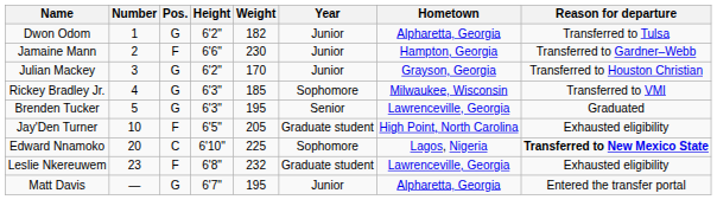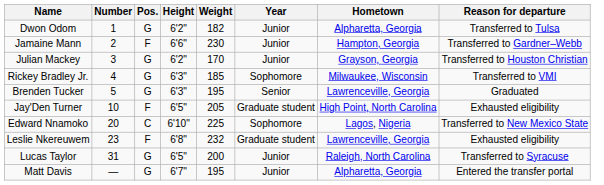 <table class="wikitable sortable" style="text-align:center">
 <tr align=center>
 <th>Name</th>
 <th>Number</th>
 <th>Pos.</th>
 <th>Height</th>
 <th>Weight</th>
 <th>Year</th>
 <th>Hometown</th>
 <th class="unsortable">Reason for departure</th>
 </tr>
 <tr>
 <td>Dwon Odom</td>
 <td>1</td>
 <td>G</td>
 <td>6'2"</td>
 <td>182</td>
 <td>Junior</td>
 <td><a href='#'>Alpharetta, Georgia</a></td>
 <td>Transferred to <a href='#'>Tulsa</a></td>
 </tr>
 <tr>
 <td>Jamaine Mann</td>
 <td>2</td>
 <td>F</td>
 <td>6'6"</td>
 <td>230</td>
 <td>Junior</td>
 <td><a href='#'>Hampton, Georgia</a></td>
 <td>Transferred to <a href='#'>Gardner–Webb</a></td>
 </tr>
 <tr>
 <td>Julian Mackey</td>
 <td>3</td>
 <td>G</td>
 <td>6'2"</td>
 <td>170</td>
 <td>Junior</td>
 <td><a href='#'>Grayson, Georgia</a></td>
 <td>Transferred to <a href='#'>Houston Christian</a></td>
 </tr>
 <tr>
 <td>Rickey Bradley Jr.</td>
 <td>4</td>
 <td>G</td>
 <td>6'3"</td>
 <td>185</td>
 <td>Sophomore</td>
 <td><a href='#'>Milwaukee, Wisconsin</a></td>
 <td>Transferred to <a href='#'>VMI</a></td>
 </tr>
 <tr>
 <td>Brenden Tucker</td>
 <td>5</td>
 <td>G</td>
 <td>6'3"</td>
 <td>195</td>
 <td>Senior</td>
 <td><a href='#'>Lawrenceville, Georgia</a></td>
 <td>Graduated</td>
 </tr>
 <tr>
 <td>Jay'Den Turner</td>
 <td>10</td>
 <td>F</td>
 <td>6'5"</td>
 <td>205</td>
 <td>Graduate student</td>
 <td><a href='#'>High Point, North Carolina</a></td>
 <td>Exhausted eligibility</td>
 </tr>
 <tr>
 <td>Edward Nnamoko</td>
 <td>20</td>
 <td>C</td>
 <td>6'10"</td>
 <td>225</td>
 <td>Sophomore</td>
 <td><a href='#'>Lagos</a>, <a href='#'>Nigeria</a></td>
-<td><strong>Transferred to <a href='#'>New Mexico State</a></strong></td>
+<td>Transferred to <a href='#'>New Mexico State</a></td>
 </tr>
 <tr>
 <td>Leslie Nkereuwem</td>
 <td>23</td>
 <td>F</td>
 <td>6'8"</td>
 <td>232</td>
 <td>Graduate student</td>
 <td><a href='#'>Lawrenceville, Georgia</a></td>
 <td>Exhausted eligibility</td>
 </tr>
 <tr>
+<td>Lucas Taylor</td>
+<td>31</td>
+<td>G</td>
+<td>6'5"</td>
+<td>200</td>
+<td>Junior</td>
+<td><a href='#'>Raleigh, North Carolina</a></td>
+<td>Transferred to <a href='#'>Syracuse</a></td>
+</tr>
+<tr>
 <td>Matt Davis</td>
 <td>—</td>
 <td>G</td>
 <td>6'7"</td>
 <td>195</td>
 <td>Junior</td>
 <td><a href='#'>Alpharetta, Georgia</a></td>
 <td>Entered the transfer portal</td>
 </tr>
 </table>
